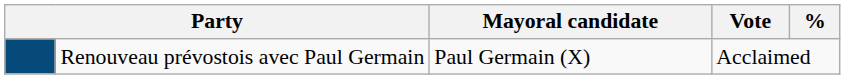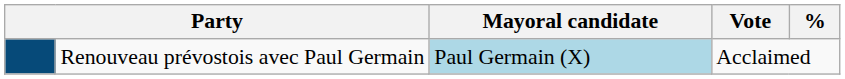 <table class="wikitable">
 <tr>
 <th bgcolor="#DDDDFF" width="230px" colspan="2">Party</th>
 <th bgcolor="#DDDDFF" width="200px">Mayoral candidate</th>
 <th bgcolor="#DDDDFF" width="50px">Vote</th>
 <th bgcolor="#DDDDFF" width="30px">%</th>
 </tr>
 <tr>
 <td bgcolor=#064A79 width="30px"> </td>
 <td>Renouveau prévostois avec Paul Germain</td>
-<td>Paul Germain (X)</td>
+<td style="background: lightblue;">Paul Germain (X)</td>
 <td colspan="2">Acclaimed</td>
 </tr>
 </table>
